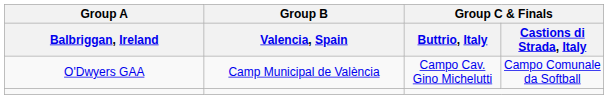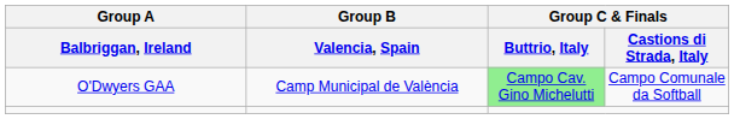 <table class="wikitable" style="text-align:center" width=800>
 <tr>
 <th width=25%>Group A</th>
 <th width=25%>Group B</th>
 <th colspan=2 width=25%>Group C & Finals</th>
 </tr>
 <tr>
 <th> <strong><a href='#'>Balbriggan</a>, <a href='#'>Ireland</a></strong></th>
 <th> <strong><a href='#'>Valencia</a>, <a href='#'>Spain</a></strong></th>
 <th> <strong><a href='#'>Buttrio</a>, <a href='#'>Italy</a></strong></th>
 <th> <strong><a href='#'>Castions di Strada</a>, <a href='#'>Italy</a></strong></th>
 </tr>
 <tr>
 <td><a href='#'>O'Dwyers GAA</a></td>
 <td><a href='#'>Camp Municipal de València</a></td>
-<td><a href='#'>Campo Cav. Gino Michelutti</a></td>
+<td style="background: lightgreen;"><a href='#'>Campo Cav. Gino Michelutti</a></td>
 <td><a href='#'>Campo Comunale da Softball</a></td>
 </tr>
 <tr>
 <td></td>
 <td></td>
 <td colspan=2></td>
 </tr>
 </table>
